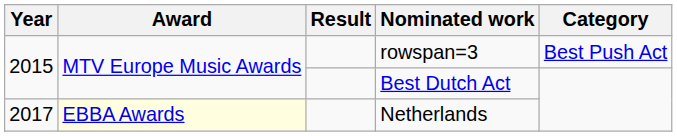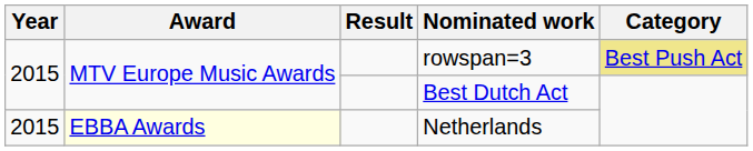 <table class="wikitable">
 <tr>
 <th>Year</th>
 <th>Award</th>
 <th>Result</th>
 <th>Nominated work</th>
 <th>Category</th>
 </tr>
 <tr>
 <td rowspan=2>2015</td>
 <td rowspan=2><a href='#'>MTV Europe Music Awards</a></td>
 <td></td>
 <td>rowspan=3 </td>
-<td><a href='#'>Best Push Act</a></td>
+<td style="background: khaki;"><a href='#'>Best Push Act</a></td>
 </tr>
 <tr>
 <td></td>
 <td><a href='#'>Best Dutch Act</a></td>
 </tr>
 <tr>
-<td>2017</td>
+<td>2015</td>
 <td style="background: lightyellow;"><a href='#'>EBBA Awards</a></td>
 <td></td>
 <td>Netherlands</td>
 </tr>
 </table>
